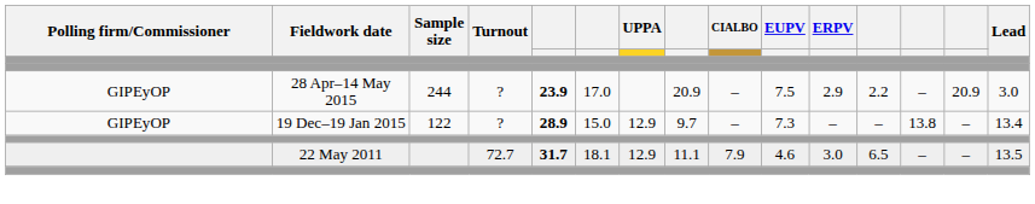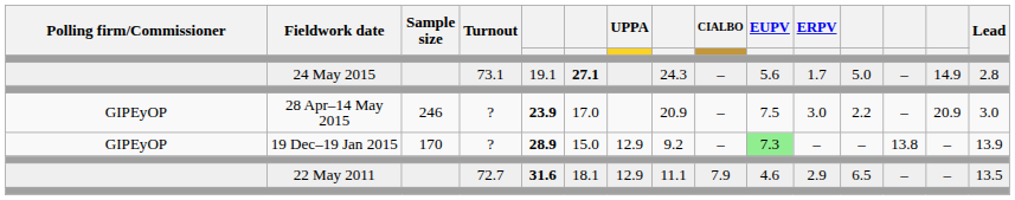 <table class="wikitable collapsible collapsed" style="text-align:center; font-size:95%; line-height:16px;">
 <tr style="height:42px;">
 <th style="width:250px;" rowspan="2">Polling firm/Commissioner</th>
 <th style="width:125px;" rowspan="2">Fieldwork date</th>
 <th style="width:50px;" rowspan="2">Sample size</th>
 <th style="width:45px;" rowspan="2">Turnout</th>
 <th style="width:35px;"></th>
 <th style="width:35px;"></th>
 <th style="width:35px; font-size:95%;">UPPA</th>
 <th style="width:35px;"></th>
 <th style="width:35px; font-size:75%;">CIALBO</th>
 <th style="width:35px; font-size:95%;"><a href='#'>EUPV</a></th>
 <th style="width:35px; font-size:95%;"><a href='#'>ERPV</a></th>
 <th style="width:35px;"></th>
 <th style="width:35px;"></th>
 <th style="width:35px;"></th>
 <th style="width:30px;" rowspan="2">Lead</th>
 </tr>
 <tr>
 <th style="color:inherit;background:"></th>
 <th style="color:inherit;background:"></th>
 <th style="color:inherit;background:#FBD324;"></th>
 <th style="color:inherit;background:"></th>
 <th style="color:inherit;background:#C39639;"></th>
 <th style="color:inherit;background:"></th>
 <th style="color:inherit;background:"></th>
 <th style="color:inherit;background:"></th>
 <th style="color:inherit;background:"></th>
 <th style="color:inherit;background:"></th>
 </tr>
 <tr>
 <td colspan="15" style="background:#A0A0A0"></td>
 </tr>
+<tr style="background:#EFEFEF;">
+<td><strong></strong></td>
+<td>24 May 2015</td>
+<td></td>
+<td>73.1</td>
+<td>19.1<br></td>
+<td><strong>27.1</strong><br></td>
+<td></td>
+<td>24.3<br></td>
+<td>–</td>
+<td>5.6<br></td>
+<td>1.7<br></td>
+<td>5.0<br></td>
+<td>–</td>
+<td>14.9<br></td>
+<td style="background:">2.8</td>
+</tr>
 <tr>
 <td colspan="15" style="background:#A0A0A0"></td>
 </tr>
 <tr>
 <td>GIPEyOP</td>
 <td>28 Apr–14 May 2015</td>
-<td>244</td>
+<td>246</td>
 <td>?</td>
 <td><strong>23.9</strong><br></td>
 <td>17.0<br></td>
 <td></td>
 <td>20.9<br></td>
 <td>–</td>
 <td>7.5<br></td>
-<td>2.9<br></td>
+<td>3.0<br></td>
 <td>2.2<br></td>
 <td>–</td>
 <td>20.9<br></td>
 <td style="background:">3.0</td>
 </tr>
 <tr>
 <td>GIPEyOP</td>
 <td>19 Dec–19 Jan 2015</td>
-<td>122</td>
+<td>170</td>
 <td>?</td>
 <td><strong>28.9</strong><br></td>
 <td>15.0<br></td>
 <td>12.9<br></td>
-<td>9.7<br></td>
+<td>9.2<br></td>
 <td>–</td>
-<td>7.3<br></td>
+<td style="background: lightgreen;">7.3<br></td>
 <td>–</td>
 <td>–</td>
 <td>13.8<br></td>
 <td>–</td>
-<td style="background:">13.4</td>
+<td style="background:">13.9</td>
 </tr>
 <tr>
 <td colspan="15" style="background:#A0A0A0"></td>
 </tr>
 <tr style="background:#EFEFEF;">
 <td><strong></strong></td>
 <td>22 May 2011</td>
 <td></td>
 <td>72.7</td>
-<td><strong>31.7</strong><br></td>
+<td><strong>31.6</strong><br></td>
 <td>18.1<br></td>
 <td>12.9<br></td>
 <td>11.1<br></td>
 <td>7.9<br></td>
 <td>4.6<br></td>
-<td>3.0<br></td>
+<td>2.9<br></td>
 <td>6.5<br></td>
 <td>–</td>
 <td>–</td>
 <td style="background:">13.5</td>
 </tr>
 <tr>
 <td colspan="15" style="background:#A0A0A0"></td>
 </tr>
 </table>
